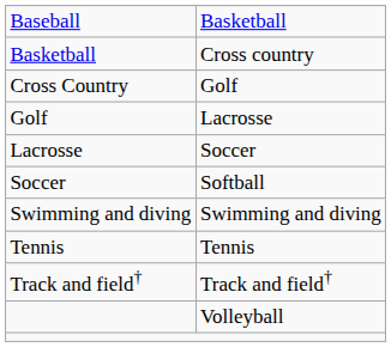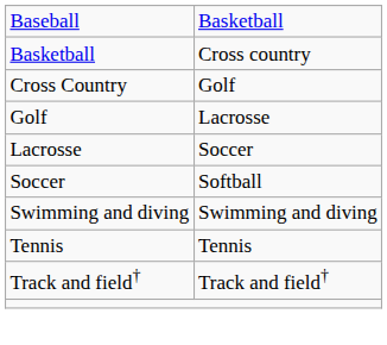 <table class="wikitable" style=" ">
 <tr>
 </tr>
 <tr>
 <td><a href='#'>Baseball</a></td>
 <td><a href='#'>Basketball</a></td>
 </tr>
 <tr>
 <td><a href='#'>Basketball</a></td>
 <td>Cross country</td>
 </tr>
 <tr>
 <td>Cross Country</td>
 <td>Golf</td>
 </tr>
 <tr>
 <td>Golf</td>
 <td>Lacrosse</td>
 </tr>
 <tr>
 <td>Lacrosse</td>
 <td>Soccer</td>
 </tr>
 <tr>
 <td>Soccer</td>
 <td>Softball</td>
 </tr>
 <tr>
 <td>Swimming and diving</td>
 <td>Swimming and diving</td>
 </tr>
 <tr>
 <td>Tennis</td>
 <td>Tennis</td>
 </tr>
 <tr>
 <td>Track and field<sup>†</sup></td>
 <td>Track and field<sup>†</sup></td>
 </tr>
 <tr>
-<td></td>
-<td>Volleyball</td>
-</tr>
-<tr>
 <td colspan="2"></td>
 </tr>
 </table>
